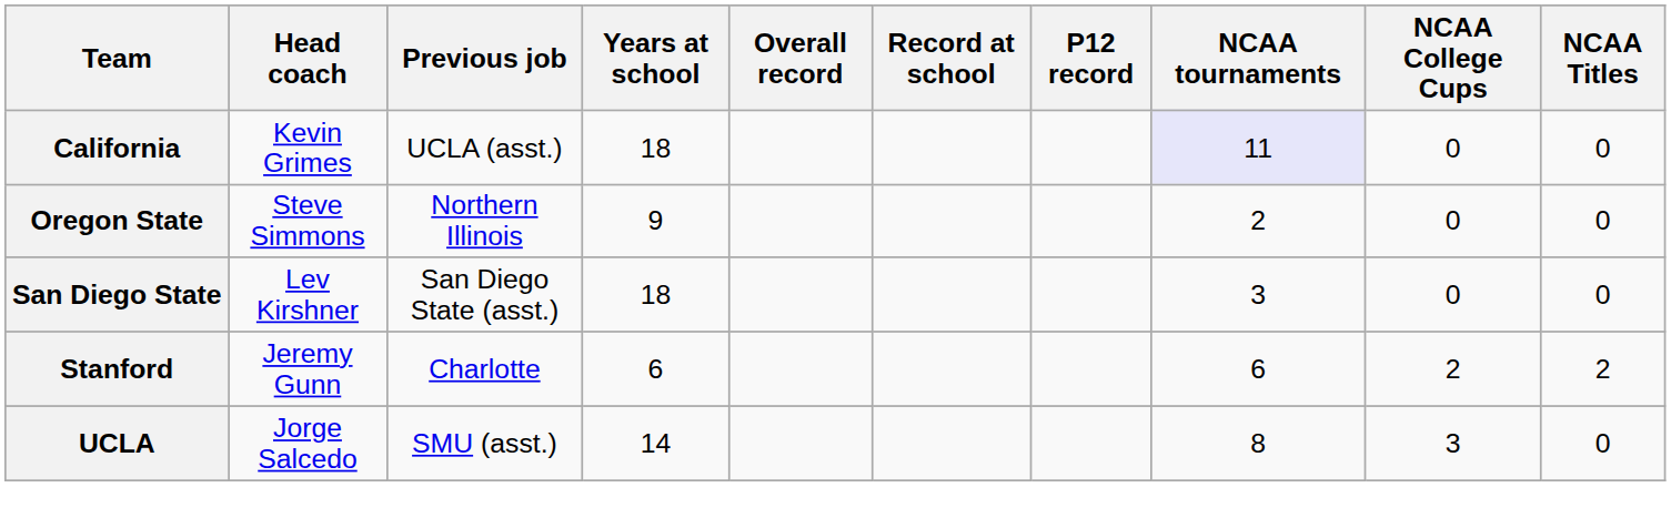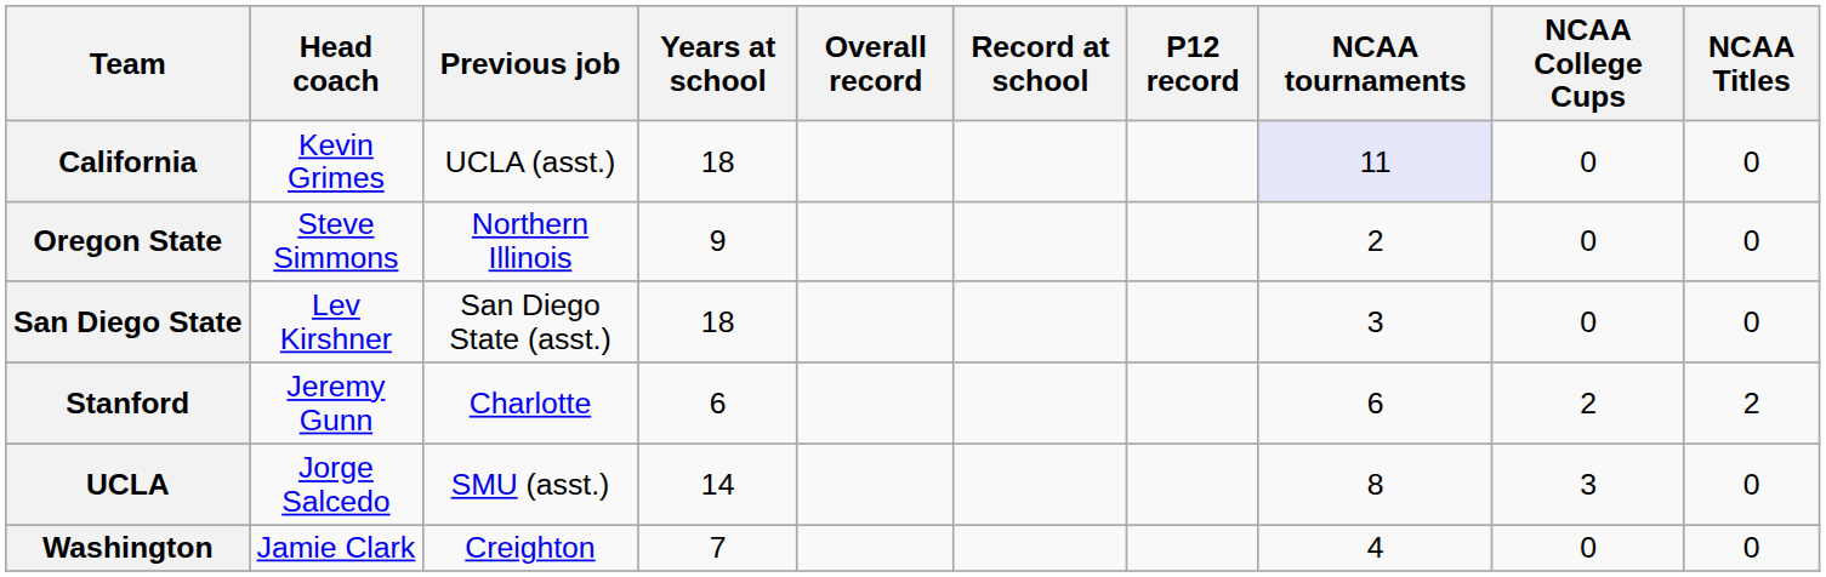 <table class="wikitable sortable" style="text-align: center;font-size:90%;">
 <tr>
 <th width="110">Team</th>
 <th>Head coach</th>
 <th>Previous job</th>
 <th>Years at school</th>
 <th>Overall record</th>
 <th>Record at school</th>
 <th>P12 record</th>
 <th>NCAA tournaments</th>
 <th>NCAA College Cups</th>
 <th>NCAA Titles</th>
 </tr>
 <tr>
 <th>California</th>
 <td><a href='#'>Kevin Grimes</a></td>
 <td>UCLA (asst.)</td>
 <td>18</td>
 <td></td>
 <td></td>
 <td></td>
 <td style="background: lavender;">11</td>
 <td>0</td>
 <td>0</td>
 </tr>
 <tr>
 <th>Oregon State</th>
 <td><a href='#'>Steve Simmons</a></td>
 <td><a href='#'>Northern Illinois</a></td>
 <td>9</td>
 <td></td>
 <td></td>
 <td></td>
 <td>2</td>
 <td>0</td>
 <td>0</td>
 </tr>
 <tr>
 <th>San Diego State</th>
 <td><a href='#'>Lev Kirshner</a></td>
 <td>San Diego State (asst.)</td>
 <td>18</td>
 <td></td>
 <td></td>
 <td></td>
 <td>3</td>
 <td>0</td>
 <td>0</td>
 </tr>
 <tr>
 <th>Stanford</th>
 <td><a href='#'>Jeremy Gunn</a></td>
 <td><a href='#'>Charlotte</a></td>
 <td>6</td>
 <td></td>
 <td></td>
 <td></td>
 <td>6</td>
 <td>2</td>
 <td>2</td>
 </tr>
 <tr>
 <th>UCLA</th>
 <td><a href='#'>Jorge Salcedo</a></td>
 <td><a href='#'>SMU</a> (asst.)</td>
 <td>14</td>
 <td></td>
 <td></td>
 <td></td>
 <td>8</td>
 <td>3</td>
 <td>0</td>
 </tr>
+<tr>
+<th>Washington</th>
+<td><a href='#'>Jamie Clark</a></td>
+<td><a href='#'>Creighton</a></td>
+<td>7</td>
+<td></td>
+<td></td>
+<td></td>
+<td>4</td>
+<td>0</td>
+<td>0</td>
+</tr>
 </table>
